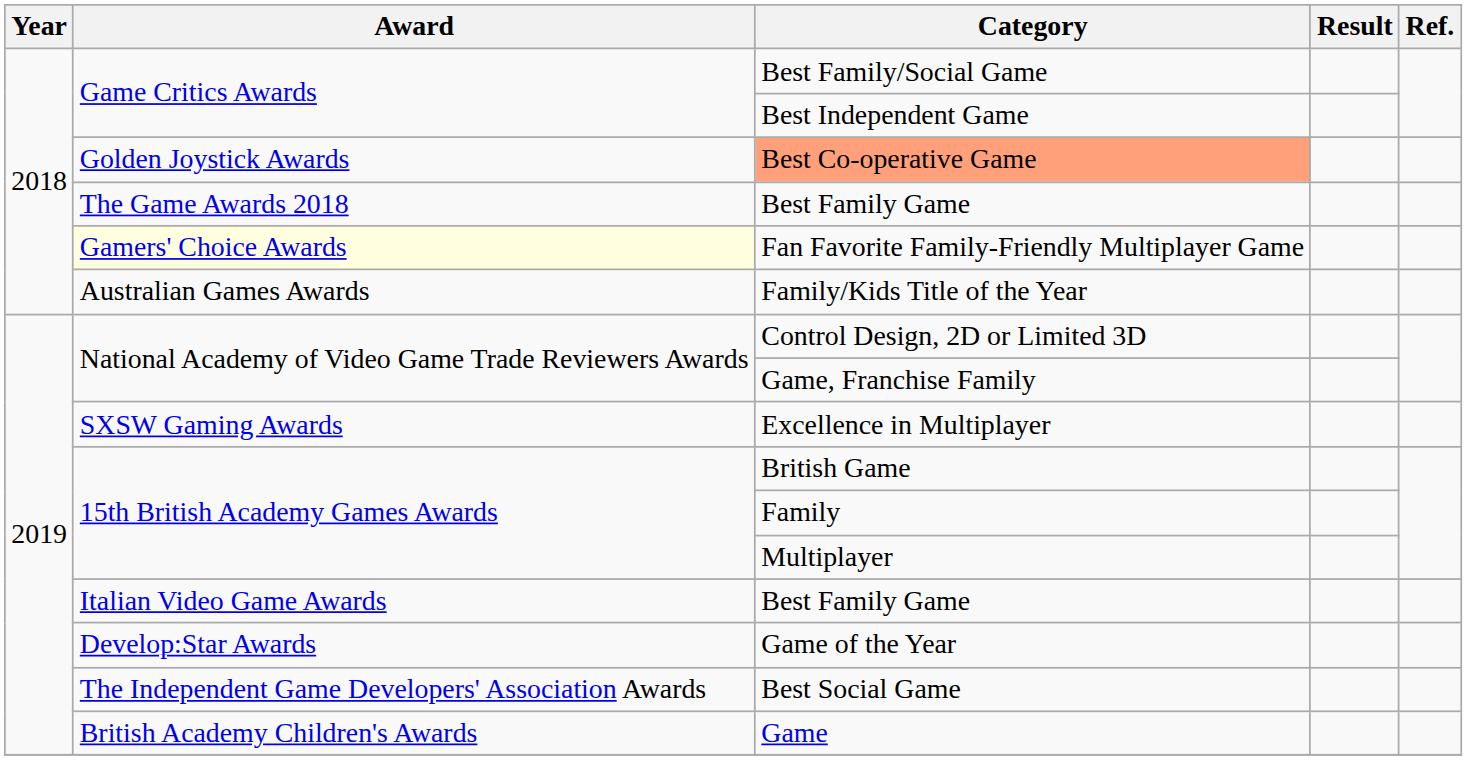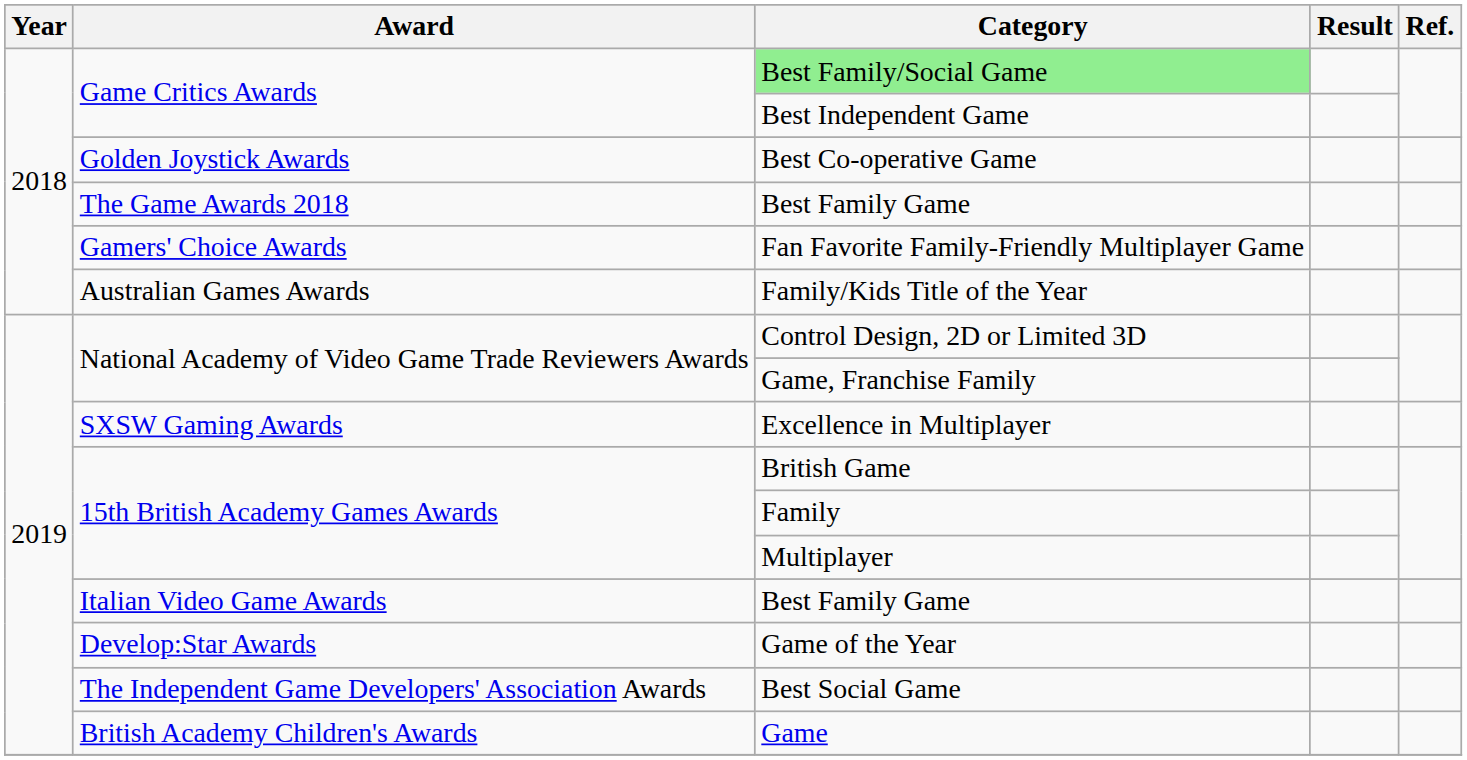 <table class="wikitable sortable">
 <tr>
 <th>Year</th>
 <th>Award</th>
 <th>Category</th>
 <th>Result</th>
 <th>Ref.</th>
 </tr>
 <tr>
 <td style="text-align:center;" rowspan="6">2018</td>
 <td rowspan="2"><a href='#'>Game Critics Awards</a></td>
-<td>Best Family/Social Game</td>
+<td style="background: lightgreen;">Best Family/Social Game</td>
 <td></td>
 <td rowspan="2"></td>
 </tr>
 <tr>
 <td>Best Independent Game</td>
 <td></td>
 </tr>
 <tr>
 <td><a href='#'>Golden Joystick Awards</a></td>
-<td style="background: lightsalmon;">Best Co-operative Game</td>
+<td>Best Co-operative Game</td>
 <td></td>
 <td></td>
 </tr>
 <tr>
 <td><a href='#'>The Game Awards 2018</a></td>
 <td>Best Family Game</td>
 <td></td>
 <td></td>
 </tr>
 <tr>
-<td style="background: lightyellow;"><a href='#'>Gamers' Choice Awards</a></td>
+<td><a href='#'>Gamers' Choice Awards</a></td>
 <td>Fan Favorite Family-Friendly Multiplayer Game</td>
 <td></td>
 <td></td>
 </tr>
 <tr>
 <td>Australian Games Awards</td>
 <td>Family/Kids Title of the Year</td>
 <td></td>
 <td></td>
 </tr>
 <tr>
 <td style="text-align:center;" rowspan="10">2019</td>
 <td rowspan="2">National Academy of Video Game Trade Reviewers Awards</td>
 <td>Control Design, 2D or Limited 3D</td>
 <td></td>
 <td rowspan="2"></td>
 </tr>
 <tr>
 <td>Game, Franchise Family</td>
 <td></td>
 </tr>
 <tr>
 <td><a href='#'>SXSW Gaming Awards</a></td>
 <td>Excellence in Multiplayer</td>
 <td></td>
 <td></td>
 </tr>
 <tr>
 <td rowspan="3"><a href='#'>15th British Academy Games Awards</a></td>
 <td>British Game</td>
 <td></td>
 <td rowspan="3"></td>
 </tr>
 <tr>
 <td>Family</td>
 <td></td>
 </tr>
 <tr>
 <td>Multiplayer</td>
 <td></td>
 </tr>
 <tr>
 <td><a href='#'>Italian Video Game Awards</a></td>
 <td>Best Family Game</td>
 <td></td>
 <td></td>
 </tr>
 <tr>
 <td><a href='#'>Develop:Star Awards</a></td>
 <td>Game of the Year</td>
 <td></td>
 <td></td>
 </tr>
 <tr>
 <td><a href='#'>The Independent Game Developers' Association</a> Awards</td>
 <td>Best Social Game</td>
 <td></td>
 <td></td>
 </tr>
 <tr>
 <td><a href='#'>British Academy Children's Awards</a></td>
 <td><a href='#'>Game</a></td>
 <td></td>
 <td></td>
 </tr>
 <tr>
 </tr>
 </table>
